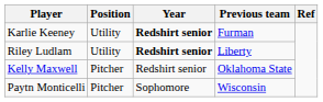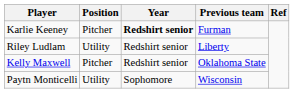 <table class="wikitable sortable sortable">
 <tr>
 <th style="text-align:center; ">Player</th>
 <th style="text-align:center; ">Position</th>
 <th style="text-align:center; ">Year</th>
 <th style="text-align:center; ">Previous team</th>
 <th style="text-align:center; ">Ref</th>
 </tr>
 <tr>
 <td>Karlie Keeney</td>
-<td>Utility</td>
+<td>Pitcher</td>
 <td><strong> Redshirt senior</strong></td>
 <td><a href='#'>Furman</a></td>
 <td rowspan="4"></td>
 </tr>
 <tr>
 <td>Riley Ludlam</td>
 <td>Utility</td>
-<td><strong> Redshirt senior</strong></td>
+<td> Redshirt senior</td>
 <td><a href='#'>Liberty</a></td>
 </tr>
 <tr>
 <td><a href='#'>Kelly Maxwell</a></td>
 <td>Pitcher</td>
 <td> Redshirt senior</td>
 <td><a href='#'>Oklahoma State</a></td>
 </tr>
 <tr>
 <td>Paytn Monticelli</td>
-<td>Pitcher</td>
+<td>Utility</td>
 <td>Sophomore</td>
 <td><a href='#'>Wisconsin</a></td>
 </tr>
 </table>
